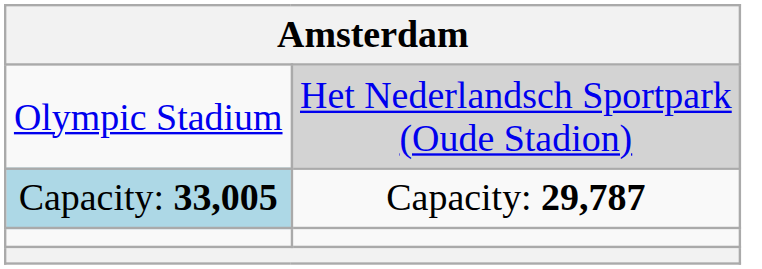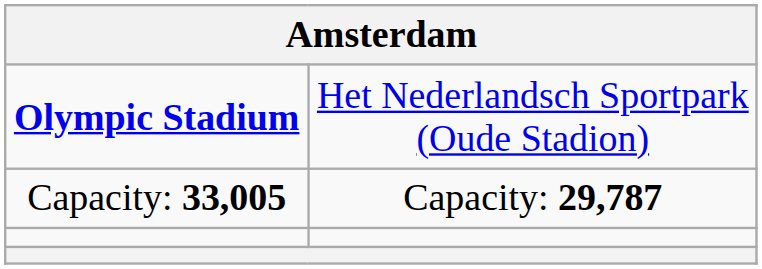 <table class="wikitable" style="text-align:center">
 <tr>
 <th colspan="2">Amsterdam</th>
 </tr>
 <tr>
-<td><a href='#'>Olympic Stadium</a></td>
-<td style="background: lightgrey;"><a href='#'>Het Nederlandsch Sportpark<br>(Oude Stadion)</a></td>
+<td><strong><a href='#'>Olympic Stadium</a></strong></td>
+<td><a href='#'>Het Nederlandsch Sportpark<br>(Oude Stadion)</a></td>
 </tr>
 <tr>
-<td style="background: lightblue;">Capacity: <strong>33,005</strong></td>
+<td>Capacity: <strong>33,005</strong></td>
 <td>Capacity: <strong>29,787</strong></td>
 </tr>
 <tr>
 <td></td>
 <td></td>
 </tr>
 <tr>
 <th rowspan=1 colspan=5></th>
 </tr>
 </table>
